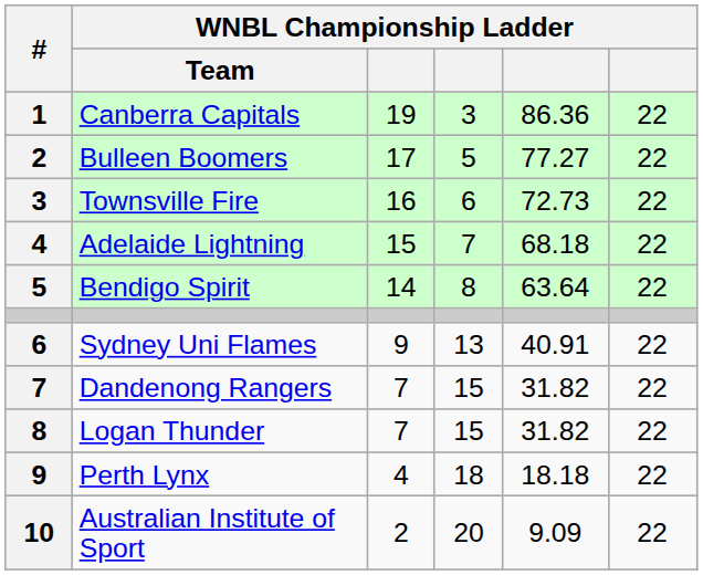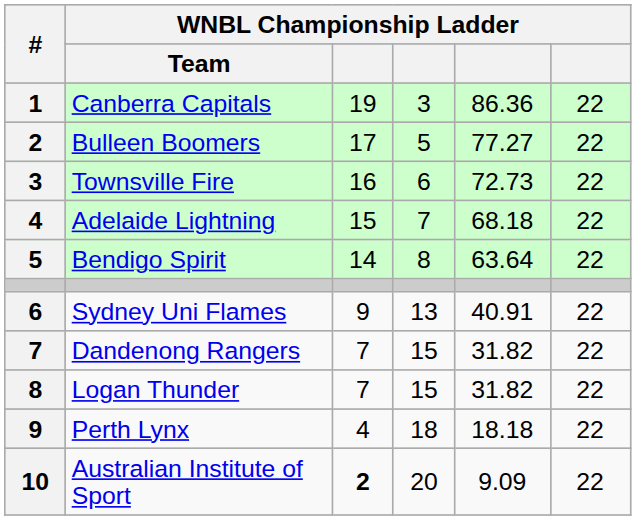 <table class="wikitable" width="43.5%" style="font-size:95%; text-align:center">
 <tr>
 <th width="5%" rowspan=2>#</th>
 <th colspan="6" align="center"><strong>WNBL Championship Ladder</strong></th>
 </tr>
 <tr>
 <th width="25%">Team</th>
 <th width="5%"></th>
 <th width="5%"></th>
 <th width="5%"></th>
 <th width="7.5%"></th>
 </tr>
 <tr style="background-color:#CCFFCC">
 <th>1</th>
 <td style="text-align:left;"><a href='#'>Canberra Capitals</a></td>
 <td>19</td>
 <td>3</td>
 <td>86.36</td>
 <td>22</td>
 </tr>
 <tr style="background-color:#CCFFCC">
 <th>2</th>
 <td style="text-align:left;"><a href='#'>Bulleen Boomers</a></td>
 <td>17</td>
 <td>5</td>
 <td>77.27</td>
 <td>22</td>
 </tr>
 <tr style="background-color:#CCFFCC">
 <th>3</th>
 <td style="text-align:left;"><a href='#'>Townsville Fire</a></td>
 <td>16</td>
 <td>6</td>
 <td>72.73</td>
 <td>22</td>
 </tr>
 <tr style="background-color:#CCFFCC">
 <th>4</th>
 <td style="text-align:left;"><a href='#'>Adelaide Lightning</a></td>
 <td>15</td>
 <td>7</td>
 <td>68.18</td>
 <td>22</td>
 </tr>
 <tr style="background-color:#CCFFCC">
 <th>5</th>
 <td style="text-align:left;"><a href='#'>Bendigo Spirit</a></td>
 <td>14</td>
 <td>8</td>
 <td>63.64</td>
 <td>22</td>
 </tr>
 <tr style="background-color:#cccccc;">
 <td></td>
 <td></td>
 <td></td>
 <td></td>
 <td></td>
 <td></td>
 </tr>
 <tr>
 <th>6</th>
 <td style="text-align:left;"><a href='#'>Sydney Uni Flames</a></td>
 <td>9</td>
 <td>13</td>
 <td>40.91</td>
 <td>22</td>
 </tr>
 <tr>
 <th>7</th>
 <td style="text-align:left;"><a href='#'>Dandenong Rangers</a></td>
 <td>7</td>
 <td>15</td>
 <td>31.82</td>
 <td>22</td>
 </tr>
 <tr>
 <th>8</th>
 <td style="text-align:left;"><a href='#'>Logan Thunder</a></td>
 <td>7</td>
 <td>15</td>
 <td>31.82</td>
 <td>22</td>
 </tr>
 <tr>
 <th>9</th>
 <td style="text-align:left;"><a href='#'>Perth Lynx</a></td>
 <td>4</td>
 <td>18</td>
 <td>18.18</td>
 <td>22</td>
 </tr>
 <tr>
 <th>10</th>
 <td style="text-align:left;"><a href='#'>Australian Institute of Sport</a></td>
-<td>2</td>
+<td><strong>2</strong></td>
 <td>20</td>
 <td>9.09</td>
 <td>22</td>
 </tr>
 </table>
